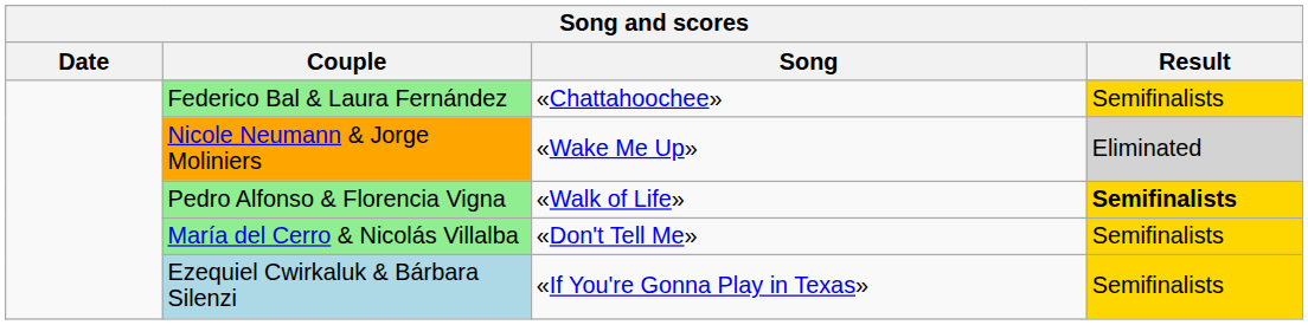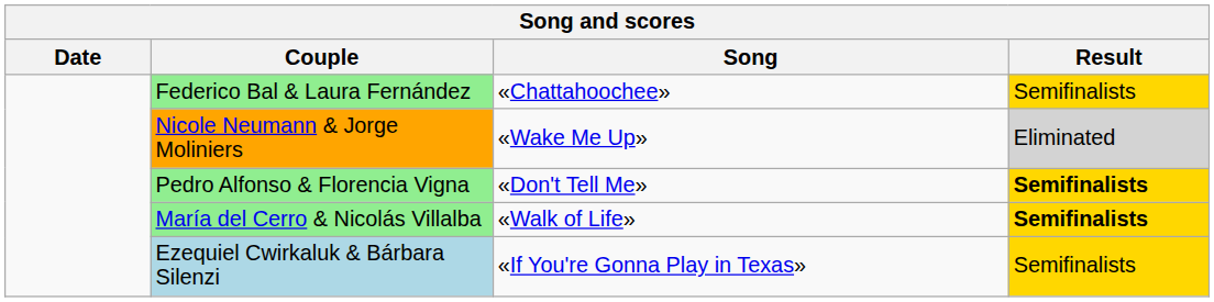 <table class="wikitable collapsible collapsed" style=" text-align: align; width: 100%;">
 <tr>
 <th colspan="11" style="with: 100%;" align="center">Song and scores</th>
 </tr>
 <tr>
 <th width=85>Date</th>
 <th width=210>Couple</th>
 <th width=320>Song</th>
 <th width=120>Result</th>
 </tr>
 <tr>
 <td rowspan="5"></td>
 <td bgcolor="lightgreen">Federico Bal & Laura Fernández</td>
 <td>«<a href='#'>Chattahoochee</a>» </td>
 <td bgcolor="gold">Semifinalists</td>
 </tr>
 <tr>
 <td bgcolor="orange"><a href='#'>Nicole Neumann</a> & Jorge Moliniers</td>
 <td>«<a href='#'>Wake Me Up</a>» </td>
 <td bgcolor="lightgrey">Eliminated</td>
 </tr>
 <tr>
 <td bgcolor="lightgreen">Pedro Alfonso & Florencia Vigna</td>
-<td>«<a href='#'>Walk of Life</a>» </td>
+<td>«<a href='#'>Don't Tell Me</a>» </td>
 <td bgcolor="gold"><strong>Semifinalists</strong></td>
 </tr>
 <tr>
 <td bgcolor="lightgreen"><a href='#'>María del Cerro</a> & Nicolás Villalba</td>
-<td>«<a href='#'>Don't Tell Me</a>» </td>
-<td bgcolor="gold">Semifinalists</td>
+<td>«<a href='#'>Walk of Life</a>» </td>
+<td bgcolor="gold"><strong>Semifinalists</strong></td>
 </tr>
 <tr>
 <td bgcolor="lightblue">Ezequiel Cwirkaluk & Bárbara Silenzi</td>
 <td>«<a href='#'>If You're Gonna Play in Texas</a>» </td>
 <td bgcolor="gold">Semifinalists</td>
 </tr>
 </table>
